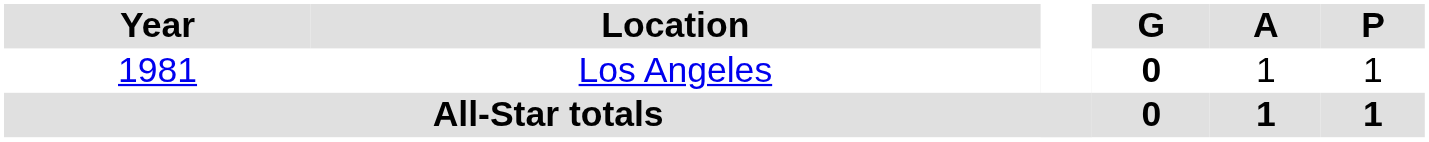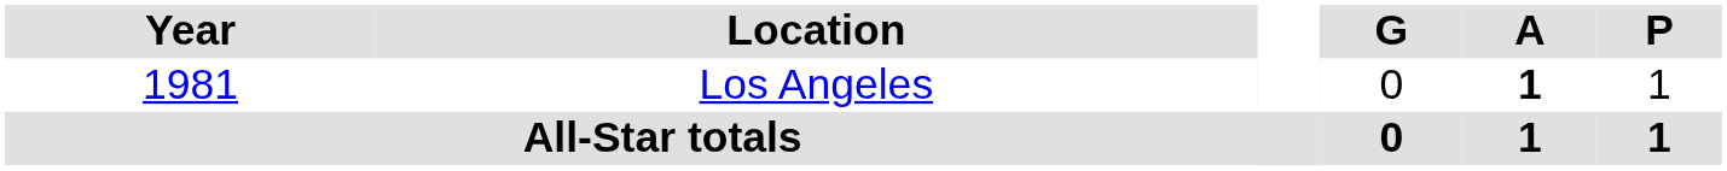 <table border="0" cellpadding="1" cellspacing="0" ID="Table3" style="text-align:center; width:40em">
 <tr ALIGN="center" bgcolor="#e0e0e0">
 <th>Year</th>
 <th>Location</th>
 <th ALIGN="center" rowspan="99" bgcolor="#ffffff"> </th>
 <th>G</th>
 <th>A</th>
 <th>P</th>
 </tr>
 <tr>
 <td><a href='#'>1981</a></td>
 <td><a href='#'>Los Angeles</a></td>
-<td><strong>0</strong></td>
-<td>1</td>
+<td>0</td>
+<td><strong>1</strong></td>
 <td>1</td>
 </tr>
 <tr bgcolor="#e0e0e0">
 <th colspan=3>All-Star totals</th>
 <th>0</th>
 <th>1</th>
 <th>1</th>
 </tr>
 </table>
